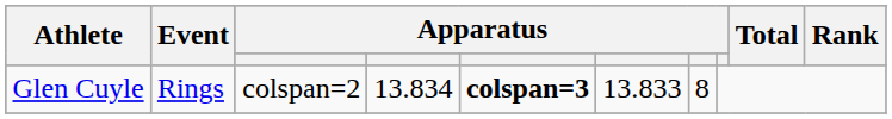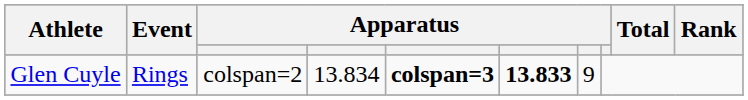 <table class=wikitable style=font-size:90%;text-align:center>
 <tr>
 <th rowspan=2>Athlete</th>
 <th rowspan=2>Event</th>
 <th colspan=6>Apparatus</th>
 <th rowspan=2>Total</th>
 <th rowspan=2>Rank</th>
 </tr>
 <tr style=font-size:95%>
 <th></th>
 <th></th>
 <th></th>
 <th></th>
 <th></th>
 <th></th>
 </tr>
 <tr>
 <td align=left><a href='#'>Glen Cuyle</a></td>
 <td align=left><a href='#'>Rings</a></td>
 <td>colspan=2 </td>
 <td>13.834</td>
 <td><strong>colspan=3 </strong></td>
-<td>13.833</td>
-<td>8</td>
+<td><strong>13.833</strong></td>
+<td>9</td>
 </tr>
 </table>
